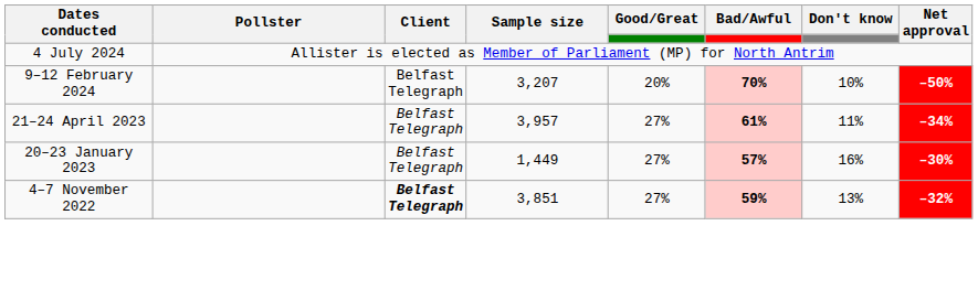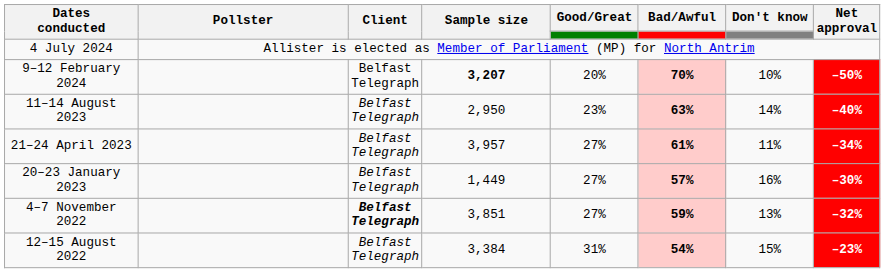 <table class="wikitable collapsible sortable mw-datatable" style="text-align:center;font-size:95%;line-height:14px;">
 <tr>
 <th style="width:125px;" rowspan="2">Dates<br>conducted</th>
 <th style="width:200px;" rowspan="2">Pollster</th>
 <th style="width:60px;" rowspan="2">Client</th>
 <th style="width:120px;" rowspan="2">Sample size</th>
 <th class="unsortable" style="width:80px;">Good/Great</th>
 <th class="unsortable" style="width: 80px;">Bad/Awful</th>
 <th class="unsortable" style="width:80px;">Don't know</th>
 <th class="unsortable" style="width:20px;" rowspan="2">Net approval</th>
 </tr>
 <tr>
 <th class="unsortable" style="background:green;width:60px;"></th>
 <th class="unsortable" style="background:red;width:60px;"></th>
 <th class="unsortable" style="background:grey;width:60px;"></th>
 </tr>
 <tr>
 <td>4 July 2024</td>
 <td colspan="7">Allister is elected as <a href='#'>Member of Parliament</a> (MP) for <a href='#'>North Antrim</a></td>
 </tr>
 <tr>
 <td>9–12 February 2024</td>
 <td></td>
 <td>Belfast Telegraph</td>
-<td>3,207</td>
+<td><strong>3,207</strong></td>
 <td>20%</td>
 <td style="background:#ffcccb"><strong>70%</strong></td>
 <td>10%</td>
 <td style="background:red;color:white"><strong>–50%</strong></td>
+</tr>
+<tr>
+<td>11–14 August 2023</td>
+<td></td>
+<td><em>Belfast Telegraph</em></td>
+<td>2,950</td>
+<td>23%</td>
+<td style="background:#ffcccb"><strong>63%</strong></td>
+<td>14%</td>
+<td style="background:red;color:white"><strong>–40%</strong></td>
 </tr>
 <tr>
 <td>21–24 April 2023</td>
 <td></td>
 <td><em>Belfast Telegraph</em></td>
 <td>3,957</td>
 <td>27%</td>
 <td style="background:#ffcccb"><strong>61%</strong></td>
 <td>11%</td>
 <td style="background:red;color:white"><strong>–34%</strong></td>
 </tr>
 <tr>
 <td>20–23 January 2023</td>
 <td></td>
 <td><em>Belfast Telegraph</em></td>
 <td>1,449</td>
 <td>27%</td>
 <td style="background:#ffcccb"><strong>57%</strong></td>
 <td>16%</td>
 <td style="background:red;color:white"><strong>–30%</strong></td>
 </tr>
 <tr>
 <td>4–7 November 2022</td>
 <td></td>
 <td><strong><em>Belfast Telegraph</em></strong></td>
 <td>3,851</td>
 <td>27%</td>
 <td style="background:#ffcccb"><strong>59%</strong></td>
 <td>13%</td>
 <td style="background:red;color:white"><strong>–32%</strong></td>
 </tr>
+<tr>
+<td>12–15 August 2022</td>
+<td></td>
+<td><em>Belfast Telegraph</em></td>
+<td>3,384</td>
+<td>31%</td>
+<td style="background:#ffcccb"><strong>54%</strong></td>
+<td>15%</td>
+<td style="background:red;color:white"><strong>–23%</strong></td>
+</tr>
 </table>
